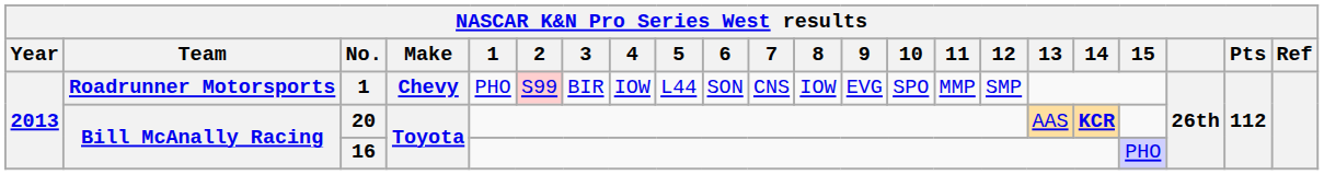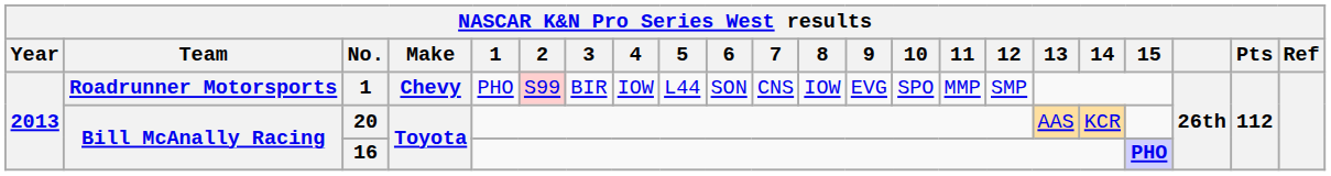 <table class="wikitable" style="text-align:center; font-size:75%">
 <tr>
 <th colspan=23><a href='#'>NASCAR K&N Pro Series West</a> results</th>
 </tr>
 <tr>
 <th>Year</th>
 <th>Team</th>
 <th>No.</th>
 <th>Make</th>
 <th>1</th>
 <th>2</th>
 <th>3</th>
 <th>4</th>
 <th>5</th>
 <th>6</th>
 <th>7</th>
 <th>8</th>
 <th>9</th>
 <th>10</th>
 <th>11</th>
 <th>12</th>
 <th>13</th>
 <th>14</th>
 <th>15</th>
 <th></th>
 <th>Pts</th>
 <th>Ref</th>
 </tr>
 <tr>
 <th rowspan=3><a href='#'>2013</a></th>
 <th><a href='#'>Roadrunner Motorsports</a></th>
 <th>1</th>
 <th><a href='#'>Chevy</a></th>
 <td><a href='#'>PHO</a></td>
 <td style="background:#FFCFCF;"><a href='#'>S99</a><br></td>
 <td><a href='#'>BIR</a></td>
 <td><a href='#'>IOW</a></td>
 <td><a href='#'>L44</a></td>
 <td><a href='#'>SON</a></td>
 <td><a href='#'>CNS</a></td>
 <td><a href='#'>IOW</a></td>
 <td><a href='#'>EVG</a></td>
 <td><a href='#'>SPO</a></td>
 <td><a href='#'>MMP</a></td>
 <td><a href='#'>SMP</a></td>
 <td colspan=3></td>
 <th rowspan=3>26th</th>
 <th rowspan=3>112</th>
 <th rowspan=3></th>
 </tr>
 <tr>
 <th rowspan=2><a href='#'>Bill McAnally Racing</a></th>
 <th>20</th>
 <th rowspan=2><a href='#'>Toyota</a></th>
 <td colspan=12></td>
 <td style="background:#FFDF9F;"><a href='#'>AAS</a><br></td>
-<td style="background:#FFDF9F;"><strong><a href='#'>KCR</a><br></strong></td>
+<td style="background:#FFDF9F;"><a href='#'>KCR</a><br></td>
 <td></td>
 </tr>
 <tr>
 <th>16</th>
 <td colspan=14></td>
-<td style="background:#CFCFFF;"><a href='#'>PHO</a><br></td>
+<td style="background:#CFCFFF;"><strong><a href='#'>PHO</a><br></strong></td>
 </tr>
 </table>
